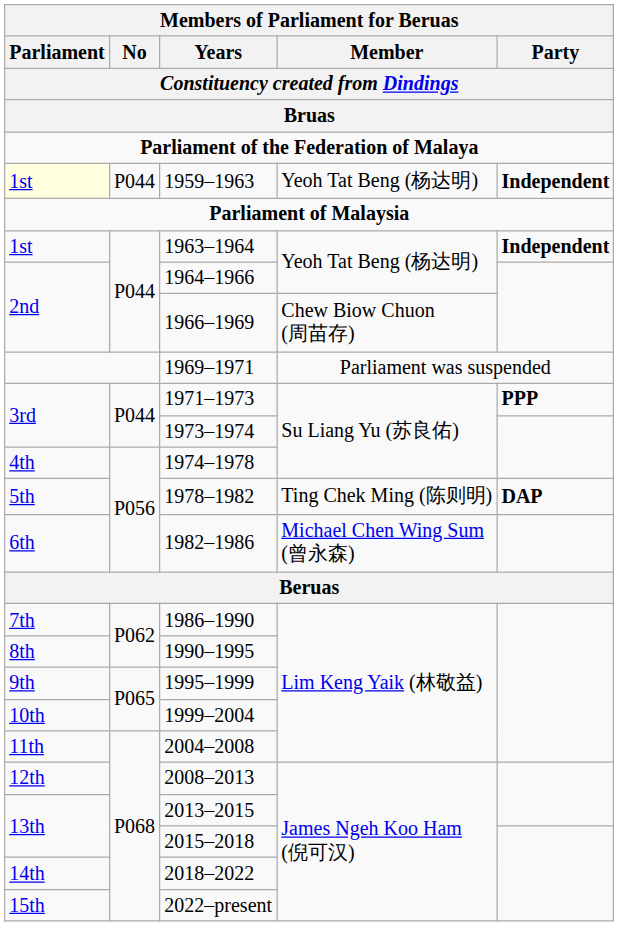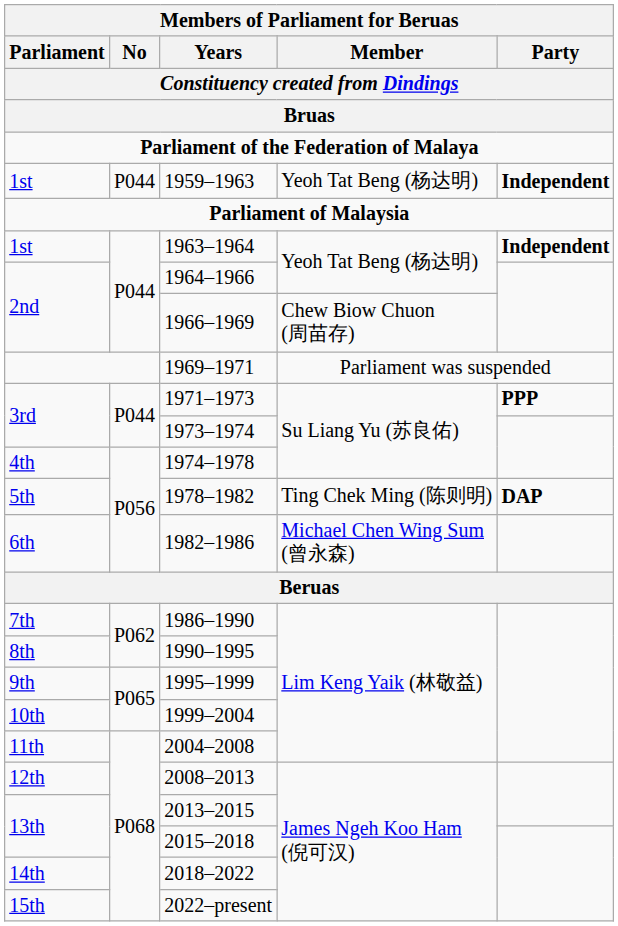 <table class=wikitable>
 <tr>
 <th colspan="5">Members of Parliament for Beruas</th>
 </tr>
 <tr>
 <th>Parliament</th>
 <th>No</th>
 <th>Years</th>
 <th>Member</th>
 <th>Party</th>
 </tr>
 <tr>
 <th colspan="5" align="center"><em>Constituency created from <a href='#'>Dindings</a></em></th>
 </tr>
 <tr>
 <th colspan="5" align="center">Bruas</th>
 </tr>
 <tr>
 <td colspan="5" align="center"><strong>Parliament of the Federation of Malaya</strong></td>
 </tr>
 <tr>
-<td style="background: lightyellow;"><a href='#'>1st</a></td>
+<td><a href='#'>1st</a></td>
 <td>P044</td>
 <td>1959–1963</td>
 <td>Yeoh Tat Beng (杨达明)</td>
 <td><strong>Independent</strong></td>
 </tr>
 <tr>
 <td colspan="5" align="center"><strong>Parliament of Malaysia</strong></td>
 </tr>
 <tr>
 <td><a href='#'>1st</a></td>
 <td rowspan="3">P044</td>
 <td>1963–1964</td>
 <td rowspan=2>Yeoh Tat Beng (杨达明)</td>
 <td><strong>Independent</strong></td>
 </tr>
 <tr>
 <td rowspan=2><a href='#'>2nd</a></td>
 <td>1964–1966</td>
 <td rowspan=2></td>
 </tr>
 <tr>
 <td>1966–1969</td>
 <td>Chew Biow Chuon  <br>(周苗存)</td>
 </tr>
 <tr>
 <td colspan="2"></td>
 <td>1969–1971</td>
 <td colspan=2 align=center>Parliament was suspended</td>
 </tr>
 <tr>
 <td rowspan=2><a href='#'>3rd</a></td>
 <td rowspan="2">P044</td>
 <td>1971–1973</td>
 <td rowspan=3>Su Liang Yu (苏良佑)</td>
 <td><strong>PPP</strong></td>
 </tr>
 <tr>
 <td>1973–1974</td>
 <td rowspan=2></td>
 </tr>
 <tr>
 <td><a href='#'>4th</a></td>
 <td rowspan="3">P056</td>
 <td>1974–1978</td>
 </tr>
 <tr>
 <td><a href='#'>5th</a></td>
 <td>1978–1982</td>
 <td>Ting Chek Ming (陈则明)</td>
 <td><strong>DAP</strong></td>
 </tr>
 <tr>
 <td><a href='#'>6th</a></td>
 <td>1982–1986</td>
 <td><a href='#'>Michael Chen Wing Sum</a> <br> (曾永森)</td>
 <td></td>
 </tr>
 <tr>
 <th colspan="5" align="center">Beruas</th>
 </tr>
 <tr>
 <td><a href='#'>7th</a></td>
 <td rowspan="2">P062</td>
 <td>1986–1990</td>
 <td rowspan=5><a href='#'>Lim Keng Yaik</a> (林敬益)</td>
 <td rowspan="5"></td>
 </tr>
 <tr>
 <td><a href='#'>8th</a></td>
 <td>1990–1995</td>
 </tr>
 <tr>
 <td><a href='#'>9th</a></td>
 <td rowspan="2">P065</td>
 <td>1995–1999</td>
 </tr>
 <tr>
 <td><a href='#'>10th</a></td>
 <td>1999–2004</td>
 </tr>
 <tr>
 <td><a href='#'>11th</a></td>
 <td rowspan=6>P068</td>
 <td>2004–2008</td>
 </tr>
 <tr>
 <td><a href='#'>12th</a></td>
 <td>2008–2013</td>
 <td rowspan=5><a href='#'>James Ngeh Koo Ham</a>  <br>(倪可汉)</td>
 <td rowspan="2"></td>
 </tr>
 <tr>
 <td rowspan=2><a href='#'>13th</a></td>
 <td>2013–2015</td>
 </tr>
 <tr>
 <td>2015–2018</td>
 <td rowspan=3></td>
 </tr>
 <tr>
 <td><a href='#'>14th</a></td>
 <td>2018–2022</td>
 </tr>
 <tr>
 <td><a href='#'>15th</a></td>
 <td>2022–present</td>
 </tr>
 </table>
